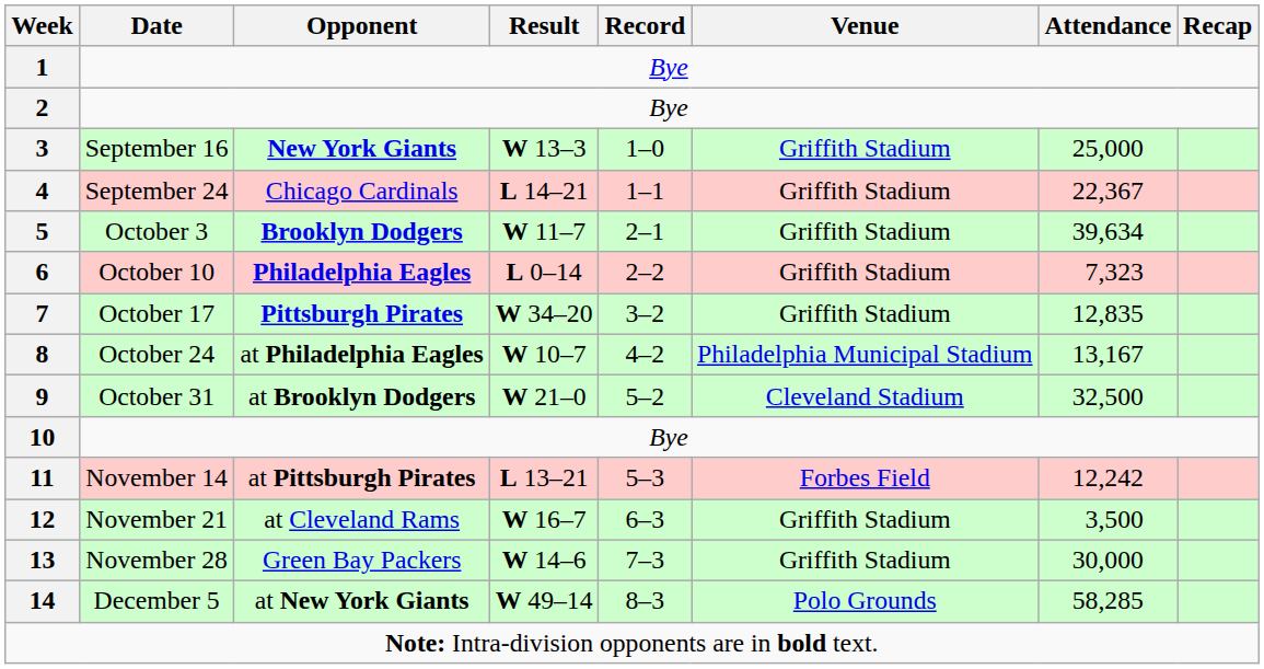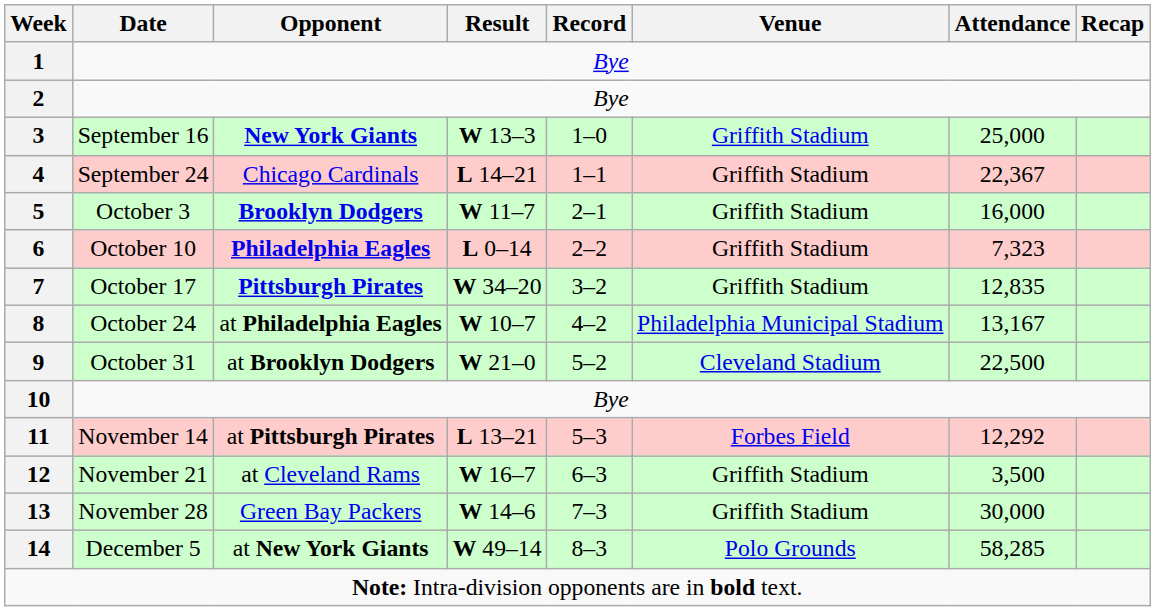 <table class="wikitable" style="text-align:center">
 <tr>
 <th>Week</th>
 <th>Date</th>
 <th>Opponent</th>
 <th>Result</th>
 <th>Record</th>
 <th>Venue</th>
 <th>Attendance</th>
 <th>Recap</th>
 </tr>
 <tr>
 <th>1</th>
 <td colspan="7"><em><a href='#'>Bye</a></em></td>
 </tr>
 <tr>
 <th>2</th>
 <td colspan="7"><em>Bye</em></td>
 </tr>
 <tr style="background:#cfc">
 <th>3</th>
 <td>September 16</td>
 <td><strong><a href='#'>New York Giants</a></strong></td>
 <td><strong>W</strong> 13–3</td>
 <td>1–0</td>
 <td><a href='#'>Griffith Stadium</a></td>
 <td>25,000</td>
 <td></td>
 </tr>
 <tr style="background:#fcc">
 <th>4</th>
 <td>September 24</td>
 <td><a href='#'>Chicago Cardinals</a></td>
 <td><strong>L</strong> 14–21</td>
 <td>1–1</td>
 <td>Griffith Stadium</td>
 <td>22,367</td>
 <td></td>
 </tr>
 <tr style="background:#cfc">
 <th>5</th>
 <td>October 3</td>
 <td><strong><a href='#'>Brooklyn Dodgers</a></strong></td>
 <td><strong>W</strong> 11–7</td>
 <td>2–1</td>
 <td>Griffith Stadium</td>
-<td>39,634</td>
+<td>16,000</td>
 <td></td>
 </tr>
 <tr style="background:#fcc">
 <th>6</th>
 <td>October 10</td>
 <td><strong><a href='#'>Philadelphia Eagles</a></strong></td>
 <td><strong>L</strong> 0–14</td>
 <td>2–2</td>
 <td>Griffith Stadium</td>
 <td>  7,323</td>
 <td></td>
 </tr>
 <tr style="background:#cfc">
 <th>7</th>
 <td>October 17</td>
 <td><strong><a href='#'>Pittsburgh Pirates</a></strong></td>
 <td><strong>W</strong> 34–20</td>
 <td>3–2</td>
 <td>Griffith Stadium</td>
 <td>12,835</td>
 <td></td>
 </tr>
 <tr style="background:#cfc">
 <th>8</th>
 <td>October 24</td>
 <td>at <strong>Philadelphia Eagles</strong></td>
 <td><strong>W</strong> 10–7</td>
 <td>4–2</td>
 <td><a href='#'>Philadelphia Municipal Stadium</a></td>
 <td>13,167</td>
 <td></td>
 </tr>
 <tr style="background:#cfc">
 <th>9</th>
 <td>October 31</td>
 <td>at <strong>Brooklyn Dodgers</strong></td>
 <td><strong>W</strong> 21–0</td>
 <td>5–2</td>
 <td><a href='#'>Cleveland Stadium</a></td>
-<td>32,500</td>
+<td>22,500</td>
 <td></td>
 </tr>
 <tr>
 <th>10</th>
 <td colspan="7"><em>Bye</em></td>
 </tr>
 <tr style="background:#fcc">
 <th>11</th>
 <td>November 14</td>
 <td>at <strong>Pittsburgh Pirates</strong></td>
 <td><strong>L</strong> 13–21</td>
 <td>5–3</td>
 <td><a href='#'>Forbes Field</a></td>
-<td>12,242</td>
+<td>12,292</td>
 <td></td>
 </tr>
 <tr style="background:#cfc">
 <th>12</th>
 <td>November 21</td>
 <td>at <a href='#'>Cleveland Rams</a></td>
 <td><strong>W</strong> 16–7</td>
 <td>6–3</td>
 <td>Griffith Stadium</td>
 <td>  3,500</td>
 <td></td>
 </tr>
 <tr style="background:#cfc">
 <th>13</th>
 <td>November 28</td>
 <td><a href='#'>Green Bay Packers</a></td>
 <td><strong>W</strong> 14–6</td>
 <td>7–3</td>
 <td>Griffith Stadium</td>
 <td>30,000</td>
 <td></td>
 </tr>
 <tr style="background:#cfc">
 <th>14</th>
 <td>December 5</td>
 <td>at <strong>New York Giants</strong></td>
 <td><strong>W</strong> 49–14</td>
 <td>8–3</td>
 <td><a href='#'>Polo Grounds</a></td>
 <td>58,285</td>
 <td></td>
 </tr>
 <tr>
 <td colspan="8"><strong>Note:</strong> Intra-division opponents are in <strong>bold</strong> text.</td>
 </tr>
 </table>
